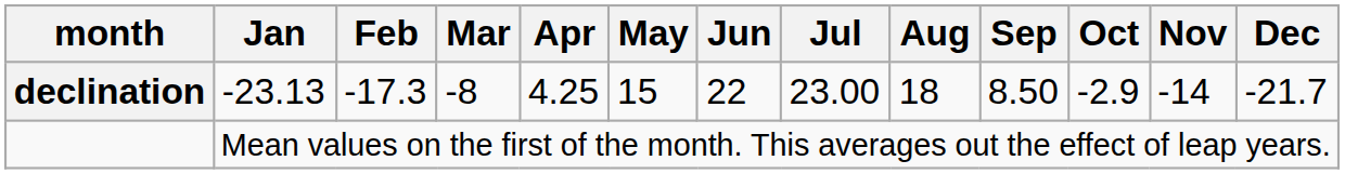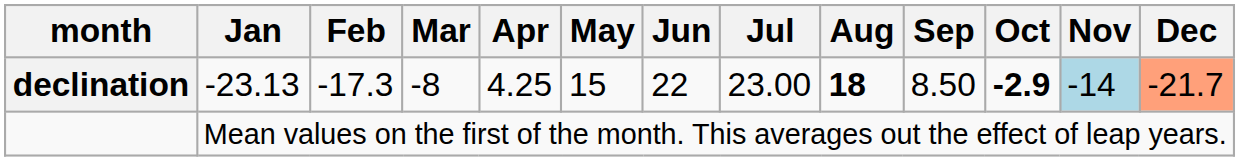 <table class=wikitable>
 <tr>
 <th>month</th>
 <th>Jan</th>
 <th>Feb</th>
 <th>Mar</th>
 <th>Apr</th>
 <th>May</th>
 <th>Jun</th>
 <th>Jul</th>
 <th>Aug</th>
 <th>Sep</th>
 <th>Oct</th>
 <th>Nov</th>
 <th>Dec</th>
 </tr>
 <tr>
 <th>declination</th>
 <td>-23.13</td>
 <td>-17.3</td>
 <td>-8</td>
 <td>4.25</td>
 <td>15</td>
 <td>22</td>
 <td>23.00</td>
-<td>18</td>
+<td><strong>18</strong></td>
 <td>8.50</td>
-<td>-2.9</td>
-<td>-14</td>
-<td>-21.7</td>
+<td><strong>-2.9</strong></td>
+<td style="background: lightblue;">-14</td>
+<td style="background: lightsalmon;">-21.7</td>
 </tr>
 <tr>
 <td></td>
 <td colspan=12 style="font-size: 86%;">Mean values on the first of the month. This averages out the effect of leap years.</td>
 </tr>
 </table>
